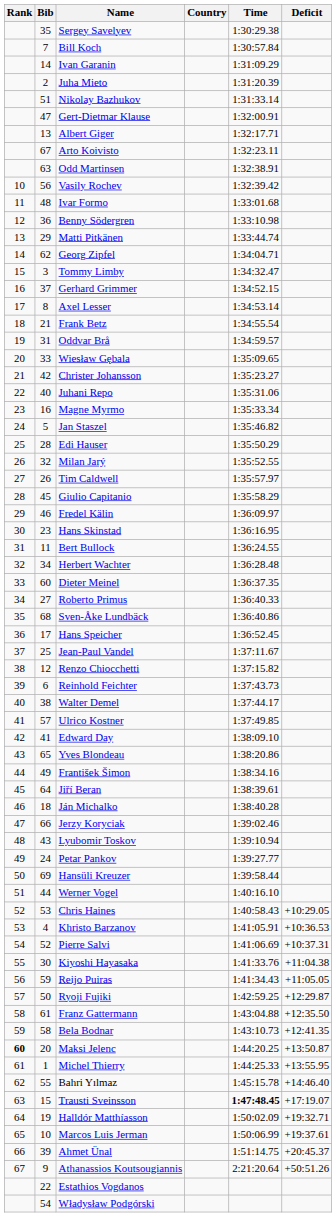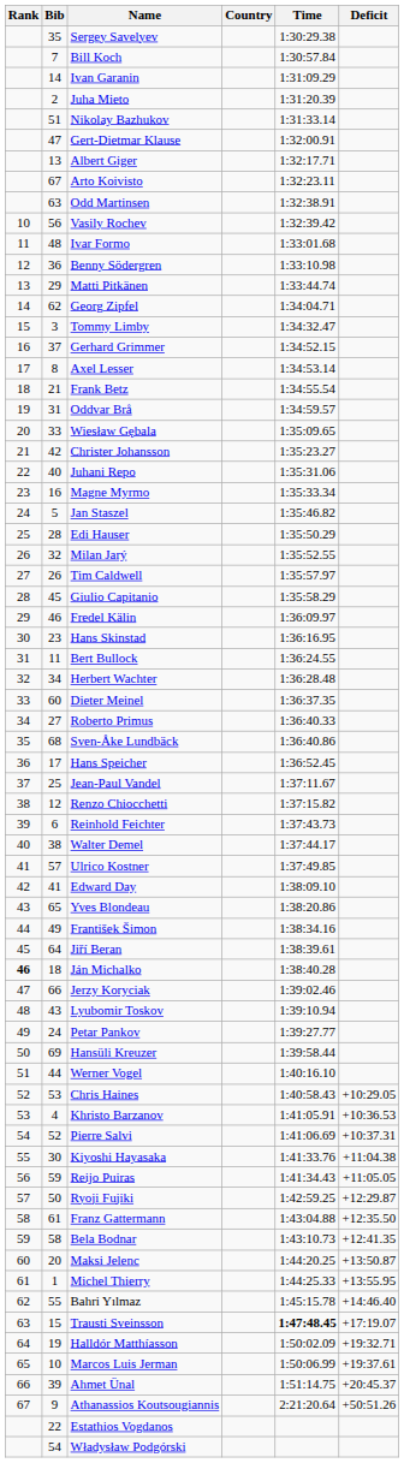 <table class="wikitable sortable" style="text-align:center">
 <tr>
 <th>Rank</th>
 <th>Bib</th>
 <th>Name</th>
 <th>Country</th>
 <th>Time</th>
 <th>Deficit</th>
 </tr>
 <tr>
 <td></td>
 <td>35</td>
 <td align="left"><a href='#'>Sergey Savelyev</a></td>
 <td align="left"></td>
 <td>1:30:29.38</td>
 <td></td>
 </tr>
 <tr>
 <td></td>
 <td>7</td>
 <td align="left"><a href='#'>Bill Koch</a></td>
 <td align="left"></td>
 <td>1:30:57.84</td>
 <td align=right></td>
 </tr>
 <tr>
 <td></td>
 <td>14</td>
 <td align="left"><a href='#'>Ivan Garanin</a></td>
 <td align="left"></td>
 <td>1:31:09.29</td>
 <td align=right></td>
 </tr>
 <tr>
 <td></td>
 <td>2</td>
 <td align="left"><a href='#'>Juha Mieto</a></td>
 <td align="left"></td>
 <td>1:31:20.39</td>
 <td align=right></td>
 </tr>
 <tr>
 <td></td>
 <td>51</td>
 <td align="left"><a href='#'>Nikolay Bazhukov</a></td>
 <td align="left"></td>
 <td>1:31:33.14</td>
 <td align=right></td>
 </tr>
 <tr>
 <td></td>
 <td>47</td>
 <td align="left"><a href='#'>Gert-Dietmar Klause</a></td>
 <td align="left"></td>
 <td>1:32:00.91</td>
 <td align=right></td>
 </tr>
 <tr>
 <td></td>
 <td>13</td>
 <td align="left"><a href='#'>Albert Giger</a></td>
 <td align="left"></td>
 <td>1:32:17.71</td>
 <td align=right></td>
 </tr>
 <tr>
 <td></td>
 <td>67</td>
 <td align="left"><a href='#'>Arto Koivisto</a></td>
 <td align="left"></td>
 <td>1:32:23.11</td>
 <td align=right></td>
 </tr>
 <tr>
 <td></td>
 <td>63</td>
 <td align="left"><a href='#'>Odd Martinsen</a></td>
 <td align="left"></td>
 <td>1:32:38.91</td>
 <td align=right></td>
 </tr>
 <tr>
 <td>10</td>
 <td>56</td>
 <td align="left"><a href='#'>Vasily Rochev</a></td>
 <td align="left"></td>
 <td>1:32:39.42</td>
 <td align=right></td>
 </tr>
 <tr>
 <td>11</td>
 <td>48</td>
 <td align="left"><a href='#'>Ivar Formo</a></td>
 <td align="left"></td>
 <td>1:33:01.68</td>
 <td align=right></td>
 </tr>
 <tr>
 <td>12</td>
 <td>36</td>
 <td align="left"><a href='#'>Benny Södergren</a></td>
 <td align="left"></td>
 <td>1:33:10.98</td>
 <td align=right></td>
 </tr>
 <tr>
 <td>13</td>
 <td>29</td>
 <td align="left"><a href='#'>Matti Pitkänen</a></td>
 <td align="left"></td>
 <td>1:33:44.74</td>
 <td align=right></td>
 </tr>
 <tr>
 <td>14</td>
 <td>62</td>
 <td align="left"><a href='#'>Georg Zipfel</a></td>
 <td align="left"></td>
 <td>1:34:04.71</td>
 <td align=right></td>
 </tr>
 <tr>
 <td>15</td>
 <td>3</td>
 <td align="left"><a href='#'>Tommy Limby</a></td>
 <td align="left"></td>
 <td>1:34:32.47</td>
 <td align=right></td>
 </tr>
 <tr>
 <td>16</td>
 <td>37</td>
 <td align="left"><a href='#'>Gerhard Grimmer</a></td>
 <td align="left"></td>
 <td>1:34:52.15</td>
 <td align=right></td>
 </tr>
 <tr>
 <td>17</td>
 <td>8</td>
 <td align="left"><a href='#'>Axel Lesser</a></td>
 <td align="left"></td>
 <td>1:34:53.14</td>
 <td align=right></td>
 </tr>
 <tr>
 <td>18</td>
 <td>21</td>
 <td align="left"><a href='#'>Frank Betz</a></td>
 <td align="left"></td>
 <td>1:34:55.54</td>
 <td align=right></td>
 </tr>
 <tr>
 <td>19</td>
 <td>31</td>
 <td align="left"><a href='#'>Oddvar Brå</a></td>
 <td align="left"></td>
 <td>1:34:59.57</td>
 <td align=right></td>
 </tr>
 <tr>
 <td>20</td>
 <td>33</td>
 <td align="left"><a href='#'>Wiesław Gębala</a></td>
 <td align="left"></td>
 <td>1:35:09.65</td>
 <td align=right></td>
 </tr>
 <tr>
 <td>21</td>
 <td>42</td>
 <td align="left"><a href='#'>Christer Johansson</a></td>
 <td align="left"></td>
 <td>1:35:23.27</td>
 <td align=right></td>
 </tr>
 <tr>
 <td>22</td>
 <td>40</td>
 <td align="left"><a href='#'>Juhani Repo</a></td>
 <td align="left"></td>
 <td>1:35:31.06</td>
 <td align=right></td>
 </tr>
 <tr>
 <td>23</td>
 <td>16</td>
 <td align="left"><a href='#'>Magne Myrmo</a></td>
 <td align="left"></td>
 <td>1:35:33.34</td>
 <td align=right></td>
 </tr>
 <tr>
 <td>24</td>
 <td>5</td>
 <td align="left"><a href='#'>Jan Staszel</a></td>
 <td align="left"></td>
 <td>1:35:46.82</td>
 <td align=right></td>
 </tr>
 <tr>
 <td>25</td>
 <td>28</td>
 <td align="left"><a href='#'>Edi Hauser</a></td>
 <td align="left"></td>
 <td>1:35:50.29</td>
 <td align=right></td>
 </tr>
 <tr>
 <td>26</td>
 <td>32</td>
 <td align="left"><a href='#'>Milan Jarý</a></td>
 <td align="left"></td>
 <td>1:35:52.55</td>
 <td align=right></td>
 </tr>
 <tr>
 <td>27</td>
 <td>26</td>
 <td align="left"><a href='#'>Tim Caldwell</a></td>
 <td align="left"></td>
 <td>1:35:57.97</td>
 <td align=right></td>
 </tr>
 <tr>
 <td>28</td>
 <td>45</td>
 <td align="left"><a href='#'>Giulio Capitanio</a></td>
 <td align="left"></td>
 <td>1:35:58.29</td>
 <td align=right></td>
 </tr>
 <tr>
 <td>29</td>
 <td>46</td>
 <td align="left"><a href='#'>Fredel Kälin</a></td>
 <td align="left"></td>
 <td>1:36:09.97</td>
 <td align=right></td>
 </tr>
 <tr>
 <td>30</td>
 <td>23</td>
 <td align="left"><a href='#'>Hans Skinstad</a></td>
 <td align="left"></td>
 <td>1:36:16.95</td>
 <td align=right></td>
 </tr>
 <tr>
 <td>31</td>
 <td>11</td>
 <td align="left"><a href='#'>Bert Bullock</a></td>
 <td align="left"></td>
 <td>1:36:24.55</td>
 <td align=right></td>
 </tr>
 <tr>
 <td>32</td>
 <td>34</td>
 <td align="left"><a href='#'>Herbert Wachter</a></td>
 <td align="left"></td>
 <td>1:36:28.48</td>
 <td align=right></td>
 </tr>
 <tr>
 <td>33</td>
 <td>60</td>
 <td align="left"><a href='#'>Dieter Meinel</a></td>
 <td align="left"></td>
 <td>1:36:37.35</td>
 <td align=right></td>
 </tr>
 <tr>
 <td>34</td>
 <td>27</td>
 <td align="left"><a href='#'>Roberto Primus</a></td>
 <td align="left"></td>
 <td>1:36:40.33</td>
 <td align=right></td>
 </tr>
 <tr>
 <td>35</td>
 <td>68</td>
 <td align="left"><a href='#'>Sven-Åke Lundbäck</a></td>
 <td align="left"></td>
 <td>1:36:40.86</td>
 <td align=right></td>
 </tr>
 <tr>
 <td>36</td>
 <td>17</td>
 <td align="left"><a href='#'>Hans Speicher</a></td>
 <td align="left"></td>
 <td>1:36:52.45</td>
 <td align=right></td>
 </tr>
 <tr>
 <td>37</td>
 <td>25</td>
 <td align="left"><a href='#'>Jean-Paul Vandel</a></td>
 <td align="left"></td>
 <td>1:37:11.67</td>
 <td align=right></td>
 </tr>
 <tr>
 <td>38</td>
 <td>12</td>
 <td align="left"><a href='#'>Renzo Chiocchetti</a></td>
 <td align="left"></td>
 <td>1:37:15.82</td>
 <td align=right></td>
 </tr>
 <tr>
 <td>39</td>
 <td>6</td>
 <td align="left"><a href='#'>Reinhold Feichter</a></td>
 <td align="left"></td>
 <td>1:37:43.73</td>
 <td align=right></td>
 </tr>
 <tr>
 <td>40</td>
 <td>38</td>
 <td align="left"><a href='#'>Walter Demel</a></td>
 <td align="left"></td>
 <td>1:37:44.17</td>
 <td align=right></td>
 </tr>
 <tr>
 <td>41</td>
 <td>57</td>
 <td align="left"><a href='#'>Ulrico Kostner</a></td>
 <td align="left"></td>
 <td>1:37:49.85</td>
 <td align=right></td>
 </tr>
 <tr>
 <td>42</td>
 <td>41</td>
 <td align="left"><a href='#'>Edward Day</a></td>
 <td align="left"></td>
 <td>1:38:09.10</td>
 <td align=right></td>
 </tr>
 <tr>
 <td>43</td>
 <td>65</td>
 <td align="left"><a href='#'>Yves Blondeau</a></td>
 <td align="left"></td>
 <td>1:38:20.86</td>
 <td align=right></td>
 </tr>
 <tr>
 <td>44</td>
 <td>49</td>
 <td align="left"><a href='#'>František Šimon</a></td>
 <td align="left"></td>
 <td>1:38:34.16</td>
 <td align=right></td>
 </tr>
 <tr>
 <td>45</td>
 <td>64</td>
 <td align="left"><a href='#'>Jiří Beran</a></td>
 <td align="left"></td>
 <td>1:38:39.61</td>
 <td align=right></td>
 </tr>
 <tr>
-<td>46</td>
+<td><strong>46</strong></td>
 <td>18</td>
 <td align="left"><a href='#'>Ján Michalko</a></td>
 <td align="left"></td>
 <td>1:38:40.28</td>
 <td align=right></td>
 </tr>
 <tr>
 <td>47</td>
 <td>66</td>
 <td align="left"><a href='#'>Jerzy Koryciak</a></td>
 <td align="left"></td>
 <td>1:39:02.46</td>
 <td align=right></td>
 </tr>
 <tr>
 <td>48</td>
 <td>43</td>
 <td align="left"><a href='#'>Lyubomir Toskov</a></td>
 <td align="left"></td>
 <td>1:39:10.94</td>
 <td align=right></td>
 </tr>
 <tr>
 <td>49</td>
 <td>24</td>
 <td align="left"><a href='#'>Petar Pankov</a></td>
 <td align="left"></td>
 <td>1:39:27.77</td>
 <td align=right></td>
 </tr>
 <tr>
 <td>50</td>
 <td>69</td>
 <td align="left"><a href='#'>Hansüli Kreuzer</a></td>
 <td align="left"></td>
 <td>1:39:58.44</td>
 <td align=right></td>
 </tr>
 <tr>
 <td>51</td>
 <td>44</td>
 <td align="left"><a href='#'>Werner Vogel</a></td>
 <td align="left"></td>
 <td>1:40:16.10</td>
 <td align=right></td>
 </tr>
 <tr>
 <td>52</td>
 <td>53</td>
 <td align="left"><a href='#'>Chris Haines</a></td>
 <td align="left"></td>
 <td>1:40:58.43</td>
 <td align=right>+10:29.05</td>
 </tr>
 <tr>
 <td>53</td>
 <td>4</td>
 <td align="left"><a href='#'>Khristo Barzanov</a></td>
 <td align="left"></td>
 <td>1:41:05.91</td>
 <td align=right>+10:36.53</td>
 </tr>
 <tr>
 <td>54</td>
 <td>52</td>
 <td align="left"><a href='#'>Pierre Salvi</a></td>
 <td align="left"></td>
 <td>1:41:06.69</td>
 <td align=right>+10:37.31</td>
 </tr>
 <tr>
 <td>55</td>
 <td>30</td>
 <td align="left"><a href='#'>Kiyoshi Hayasaka</a></td>
 <td align="left"></td>
 <td>1:41:33.76</td>
 <td align=right>+11:04.38</td>
 </tr>
 <tr>
 <td>56</td>
 <td>59</td>
 <td align="left"><a href='#'>Reijo Puiras</a></td>
 <td align="left"></td>
 <td>1:41:34.43</td>
 <td align=right>+11:05.05</td>
 </tr>
 <tr>
 <td>57</td>
 <td>50</td>
 <td align="left"><a href='#'>Ryoji Fujiki</a></td>
 <td align="left"></td>
 <td>1:42:59.25</td>
 <td align=right>+12:29.87</td>
 </tr>
 <tr>
 <td>58</td>
 <td>61</td>
 <td align="left"><a href='#'>Franz Gattermann</a></td>
 <td align="left"></td>
 <td>1:43:04.88</td>
 <td align=right>+12:35.50</td>
 </tr>
 <tr>
 <td>59</td>
 <td>58</td>
 <td align="left"><a href='#'>Bela Bodnar</a></td>
 <td align="left"></td>
 <td>1:43:10.73</td>
 <td align=right>+12:41.35</td>
 </tr>
 <tr>
-<td><strong>60</strong></td>
+<td>60</td>
 <td>20</td>
 <td align="left"><a href='#'>Maksi Jelenc</a></td>
 <td align="left"></td>
 <td>1:44:20.25</td>
 <td align=right>+13:50.87</td>
 </tr>
 <tr>
 <td>61</td>
 <td>1</td>
 <td align="left"><a href='#'>Michel Thierry</a></td>
 <td align="left"></td>
 <td>1:44:25.33</td>
 <td align=right>+13:55.95</td>
 </tr>
 <tr>
 <td>62</td>
 <td>55</td>
 <td align="left">Bahri Yılmaz</td>
 <td align="left"></td>
 <td>1:45:15.78</td>
 <td align=right>+14:46.40</td>
 </tr>
 <tr>
 <td>63</td>
 <td>15</td>
 <td align="left"><a href='#'>Trausti Sveinsson</a></td>
 <td align="left"></td>
 <td><strong>1:47:48.45</strong></td>
 <td align=right>+17:19.07</td>
 </tr>
 <tr>
 <td>64</td>
 <td>19</td>
 <td align="left"><a href='#'>Halldór Matthíasson</a></td>
 <td align="left"></td>
 <td>1:50:02.09</td>
 <td align=right>+19:32.71</td>
 </tr>
 <tr>
 <td>65</td>
 <td>10</td>
 <td align="left"><a href='#'>Marcos Luis Jerman</a></td>
 <td align="left"></td>
 <td>1:50:06.99</td>
 <td align=right>+19:37.61</td>
 </tr>
 <tr>
 <td>66</td>
 <td>39</td>
 <td align="left"><a href='#'>Ahmet Ünal</a></td>
 <td align="left"></td>
 <td>1:51:14.75</td>
 <td align=right>+20:45.37</td>
 </tr>
 <tr>
 <td>67</td>
 <td>9</td>
 <td align="left"><a href='#'>Athanassios Koutsougiannis</a></td>
 <td align="left"></td>
 <td>2:21:20.64</td>
 <td align=right>+50:51.26</td>
 </tr>
 <tr>
 <td></td>
 <td>22</td>
 <td align="left"><a href='#'>Estathios Vogdanos</a></td>
 <td align="left"></td>
 <td></td>
 <td></td>
 </tr>
 <tr>
 <td></td>
 <td>54</td>
 <td align="left"><a href='#'>Władysław Podgórski</a></td>
 <td align="left"></td>
 <td></td>
 <td></td>
 </tr>
 </table>
